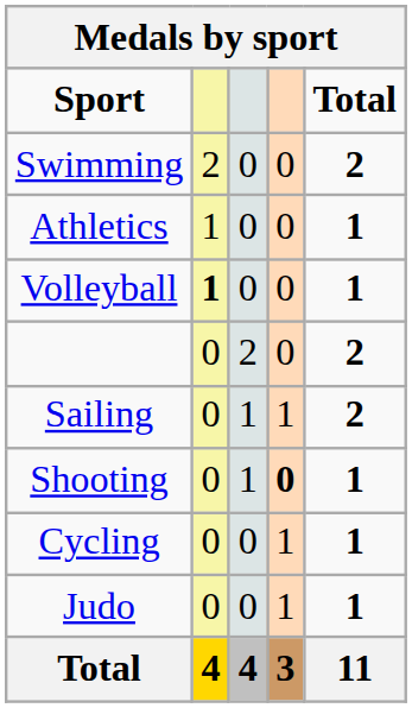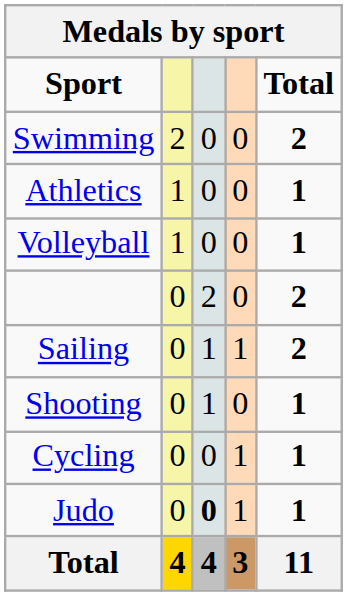 <table class="wikitable" style=font-size:85%;float:center;text-align:center>
 <tr style="background:#efefef;">
 <th colspan=5><strong>Medals by sport</strong></th>
 </tr>
 <tr align=center>
 <td><strong>Sport</strong></td>
 <td bgcolor=#f7f6a8></td>
 <td bgcolor=#dce5e5></td>
 <td bgcolor=#ffdab9></td>
 <td><strong>Total</strong></td>
 </tr>
 <tr align=center>
 <td><a href='#'>Swimming</a></td>
 <td style="background:#F7F6A8;">2</td>
 <td style="background:#DCE5E5;">0</td>
 <td style="background:#FFDAB9;">0</td>
 <td><strong>2</strong></td>
 </tr>
 <tr align=center>
 <td><a href='#'>Athletics</a></td>
 <td style="background:#F7F6A8;">1</td>
 <td style="background:#DCE5E5;">0</td>
 <td style="background:#FFDAB9;">0</td>
 <td><strong>1</strong></td>
 </tr>
 <tr align=center>
 <td><a href='#'>Volleyball</a></td>
-<td style="background:#F7F6A8;"><strong>1</strong></td>
+<td style="background:#F7F6A8;">1</td>
 <td style="background:#DCE5E5;">0</td>
 <td style="background:#FFDAB9;">0</td>
 <td><strong>1</strong></td>
 </tr>
 <tr align=center>
 <td><a href='#'></a></td>
 <td style="background:#F7F6A8;">0</td>
 <td style="background:#DCE5E5;">2</td>
 <td style="background:#FFDAB9;">0</td>
 <td><strong>2</strong></td>
 </tr>
 <tr align=center>
 <td><a href='#'>Sailing</a></td>
 <td style="background:#F7F6A8;">0</td>
 <td style="background:#DCE5E5;">1</td>
 <td style="background:#FFDAB9;">1</td>
 <td><strong>2</strong></td>
 </tr>
 <tr align=center>
 <td><a href='#'>Shooting</a></td>
 <td style="background:#F7F6A8;">0</td>
 <td style="background:#DCE5E5;">1</td>
-<td style="background:#FFDAB9;"><strong>0</strong></td>
+<td style="background:#FFDAB9;">0</td>
 <td><strong>1</strong></td>
 </tr>
 <tr align=center>
 <td><a href='#'>Cycling</a></td>
 <td style="background:#F7F6A8;">0</td>
 <td style="background:#DCE5E5;">0</td>
 <td style="background:#FFDAB9;">1</td>
 <td><strong>1</strong></td>
 </tr>
 <tr align=center>
 <td><a href='#'>Judo</a></td>
 <td style="background:#F7F6A8;">0</td>
-<td style="background:#DCE5E5;">0</td>
+<td style="background:#DCE5E5;"><strong>0</strong></td>
 <td style="background:#FFDAB9;">1</td>
 <td><strong>1</strong></td>
 </tr>
 <tr align=center>
 <th><strong>Total</strong></th>
 <th style="background:gold;"><strong>4</strong></th>
 <th style="background:silver;"><strong>4</strong></th>
 <th style="background:#c96;"><strong>3</strong></th>
 <th><strong>11</strong></th>
 </tr>
 </table>
